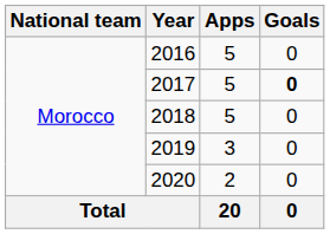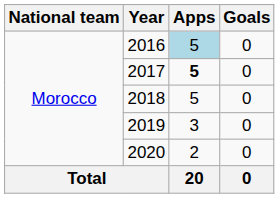 <table class="wikitable" style="text-align:center">
 <tr>
 <th>National team</th>
 <th>Year</th>
 <th>Apps</th>
 <th>Goals</th>
 </tr>
 <tr>
 <td rowspan="5"><a href='#'>Morocco</a></td>
 <td>2016</td>
-<td>5</td>
+<td style="background: lightblue;">5</td>
 <td>0</td>
 </tr>
 <tr>
 <td>2017</td>
-<td>5</td>
-<td><strong>0</strong></td>
+<td><strong>5</strong></td>
+<td>0</td>
 </tr>
 <tr>
 <td>2018</td>
 <td>5</td>
 <td>0</td>
 </tr>
 <tr>
 <td>2019</td>
 <td>3</td>
 <td>0</td>
 </tr>
 <tr>
 <td>2020</td>
 <td>2</td>
 <td>0</td>
 </tr>
 <tr>
 <th colspan="2">Total</th>
 <th>20</th>
 <th>0</th>
 </tr>
 </table>
